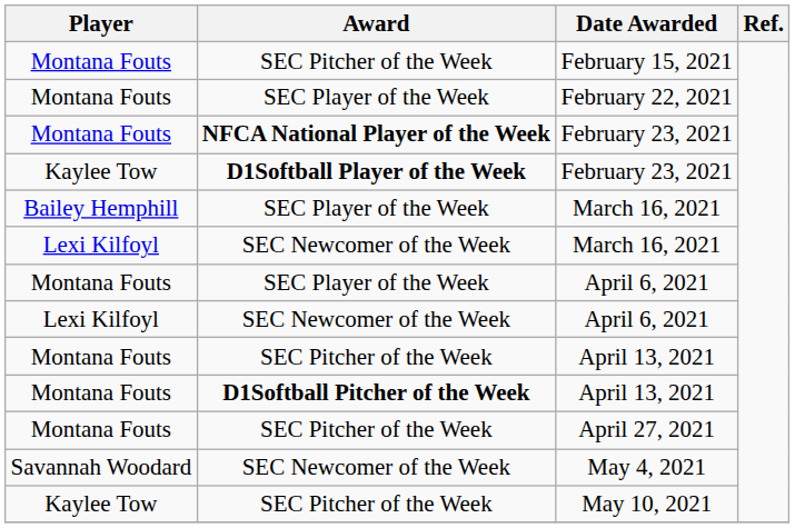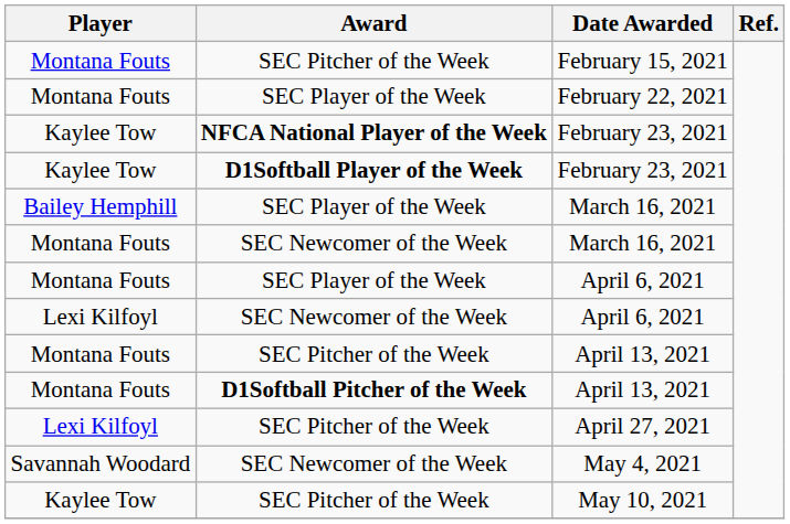 <table class="wikitable sortable sortable" style="text-align: center">
 <tr align=center>
 <th>Player</th>
 <th>Award</th>
 <th>Date Awarded</th>
 <th>Ref.</th>
 </tr>
 <tr>
 <td><a href='#'>Montana Fouts</a></td>
 <td>SEC Pitcher of the Week</td>
 <td>February 15, 2021</td>
 <td rowspan="13"></td>
 </tr>
 <tr>
 <td>Montana Fouts</td>
 <td>SEC Player of the Week</td>
 <td>February 22, 2021</td>
 </tr>
 <tr>
-<td><a href='#'>Montana Fouts</a></td>
+<td>Kaylee Tow</td>
 <td><strong>NFCA National Player of the Week</strong></td>
 <td>February 23, 2021</td>
 </tr>
 <tr>
 <td>Kaylee Tow</td>
 <td><strong>D1Softball Player of the Week</strong></td>
 <td>February 23, 2021</td>
 </tr>
 <tr>
 <td><a href='#'>Bailey Hemphill</a></td>
 <td>SEC Player of the Week</td>
 <td>March 16, 2021</td>
 </tr>
 <tr>
-<td><a href='#'>Lexi Kilfoyl</a></td>
+<td>Montana Fouts</td>
 <td>SEC Newcomer of the Week</td>
 <td>March 16, 2021</td>
 </tr>
 <tr>
 <td>Montana Fouts</td>
 <td>SEC Player of the Week</td>
 <td>April 6, 2021</td>
 </tr>
 <tr>
 <td>Lexi Kilfoyl</td>
 <td>SEC Newcomer of the Week</td>
 <td>April 6, 2021</td>
 </tr>
 <tr>
 <td>Montana Fouts</td>
 <td>SEC Pitcher of the Week</td>
 <td>April 13, 2021</td>
 </tr>
 <tr>
 <td>Montana Fouts</td>
 <td><strong>D1Softball Pitcher of the Week</strong></td>
 <td>April 13, 2021</td>
 </tr>
 <tr>
-<td>Montana Fouts</td>
+<td><a href='#'>Lexi Kilfoyl</a></td>
 <td>SEC Pitcher of the Week</td>
 <td>April 27, 2021</td>
 </tr>
 <tr>
 <td>Savannah Woodard</td>
 <td>SEC Newcomer of the Week</td>
 <td>May 4, 2021</td>
 </tr>
 <tr>
 <td>Kaylee Tow</td>
 <td>SEC Pitcher of the Week</td>
 <td>May 10, 2021</td>
 </tr>
 <tr>
 </tr>
 </table>
